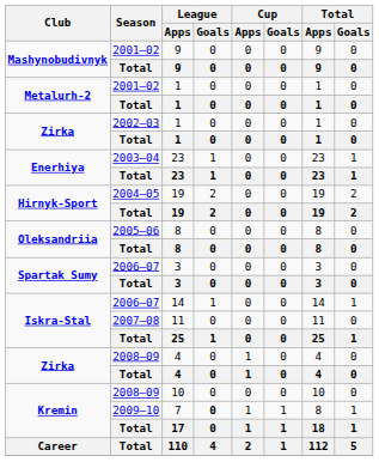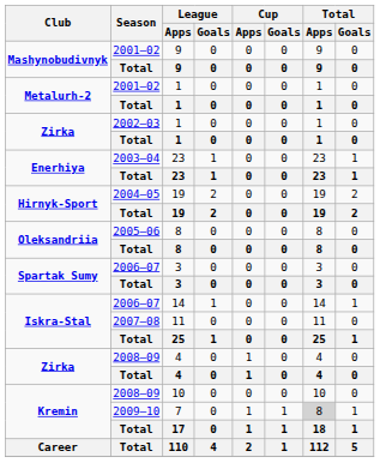 <table class="wikitable sortable" style="text-align: center;">
 <tr>
 <th rowspan="2">Club</th>
 <th rowspan="2">Season</th>
 <th colspan="2">League</th>
 <th colspan="2">Cup</th>
 <th colspan="2">Total</th>
 </tr>
 <tr>
 <th>Apps</th>
 <th>Goals</th>
 <th>Apps</th>
 <th>Goals</th>
 <th>Apps</th>
 <th>Goals</th>
 </tr>
 <tr>
 <td rowspan="2"><strong><a href='#'>Mashynobudivnyk</a></strong></td>
 <td><a href='#'>2001–02</a></td>
 <td>9</td>
 <td>0</td>
 <td>0</td>
 <td>0</td>
 <td>9</td>
 <td>0</td>
 </tr>
 <tr>
 <th>Total</th>
 <th>9</th>
 <th>0</th>
 <th>0</th>
 <th>0</th>
 <th>9</th>
 <th>0</th>
 </tr>
 <tr>
 <td rowspan="2"><strong><a href='#'>Metalurh-2</a></strong></td>
 <td><a href='#'>2001–02</a></td>
 <td>1</td>
 <td>0</td>
 <td>0</td>
 <td>0</td>
 <td>1</td>
 <td>0</td>
 </tr>
 <tr>
 <th>Total</th>
 <th>1</th>
 <th>0</th>
 <th>0</th>
 <th>0</th>
 <th>1</th>
 <th>0</th>
 </tr>
 <tr>
 <td rowspan="2"><strong><a href='#'>Zirka</a></strong></td>
 <td><a href='#'>2002–03</a></td>
 <td>1</td>
 <td>0</td>
 <td>0</td>
 <td>0</td>
 <td>1</td>
 <td>0</td>
 </tr>
 <tr>
 <th>Total</th>
 <th>1</th>
 <th>0</th>
 <th>0</th>
 <th>0</th>
 <th>1</th>
 <th>0</th>
 </tr>
 <tr>
 <td rowspan="2"><strong><a href='#'>Enerhiya</a></strong></td>
 <td><a href='#'>2003–04</a></td>
 <td>23</td>
 <td>1</td>
 <td>0</td>
 <td>0</td>
 <td>23</td>
 <td>1</td>
 </tr>
 <tr>
 <th>Total</th>
 <th>23</th>
 <th>1</th>
 <th>0</th>
 <th>0</th>
 <th>23</th>
 <th>1</th>
 </tr>
 <tr>
 <td rowspan="2"><strong><a href='#'>Hirnyk-Sport</a></strong></td>
 <td><a href='#'>2004–05</a></td>
 <td>19</td>
 <td>2</td>
 <td>0</td>
 <td>0</td>
 <td>19</td>
 <td>2</td>
 </tr>
 <tr>
 <th>Total</th>
 <th>19</th>
 <th>2</th>
 <th>0</th>
 <th>0</th>
 <th>19</th>
 <th>2</th>
 </tr>
 <tr>
 <td rowspan="2"><strong><a href='#'>Oleksandriia</a></strong></td>
 <td><a href='#'>2005–06</a></td>
 <td>8</td>
 <td>0</td>
 <td>0</td>
 <td>0</td>
 <td>8</td>
 <td>0</td>
 </tr>
 <tr>
 <th>Total</th>
 <th>8</th>
 <th>0</th>
 <th>0</th>
 <th>0</th>
 <th>8</th>
 <th>0</th>
 </tr>
 <tr>
 <td rowspan="2"><strong><a href='#'>Spartak Sumy</a></strong></td>
 <td><a href='#'>2006–07</a></td>
 <td>3</td>
 <td>0</td>
 <td>0</td>
 <td>0</td>
 <td>3</td>
 <td>0</td>
 </tr>
 <tr>
 <th>Total</th>
 <th>3</th>
 <th>0</th>
 <th>0</th>
 <th>0</th>
 <th>3</th>
 <th>0</th>
 </tr>
 <tr>
 <td rowspan="3"><strong><a href='#'>Iskra-Stal</a></strong></td>
 <td><a href='#'>2006–07</a></td>
 <td>14</td>
 <td>1</td>
 <td>0</td>
 <td>0</td>
 <td>14</td>
 <td>1</td>
 </tr>
 <tr>
 <td><a href='#'>2007–08</a></td>
 <td>11</td>
 <td>0</td>
 <td>0</td>
 <td>0</td>
 <td>11</td>
 <td>0</td>
 </tr>
 <tr>
 <th>Total</th>
 <th>25</th>
 <th>1</th>
 <th>0</th>
 <th>0</th>
 <th>25</th>
 <th>1</th>
 </tr>
 <tr>
 <td rowspan="2"><strong><a href='#'>Zirka</a></strong></td>
 <td><a href='#'>2008–09</a></td>
 <td>4</td>
 <td>0</td>
 <td>1</td>
 <td>0</td>
 <td>4</td>
 <td>0</td>
 </tr>
 <tr>
 <th>Total</th>
 <th>4</th>
 <th>0</th>
 <th>1</th>
 <th>0</th>
 <th>4</th>
 <th>0</th>
 </tr>
 <tr>
 <td rowspan="3"><strong><a href='#'>Kremin</a></strong></td>
 <td><a href='#'>2008–09</a></td>
 <td>10</td>
 <td>0</td>
 <td>0</td>
 <td>0</td>
 <td>10</td>
 <td>0</td>
 </tr>
 <tr>
 <td><a href='#'>2009–10</a></td>
 <td>7</td>
-<td><strong>0</strong></td>
+<td>0</td>
 <td>1</td>
 <td>1</td>
-<td>8</td>
+<td style="background: lightgrey;">8</td>
 <td>1</td>
 </tr>
 <tr>
 <th>Total</th>
 <th>17</th>
 <th>0</th>
 <th>1</th>
 <th>1</th>
 <th>18</th>
 <th>1</th>
 </tr>
 <tr>
 <th>Career</th>
 <th>Total</th>
 <th>110</th>
 <th>4</th>
 <th>2</th>
 <th>1</th>
 <th>112</th>
 <th>5</th>
 </tr>
 <tr>
 </tr>
 </table>
